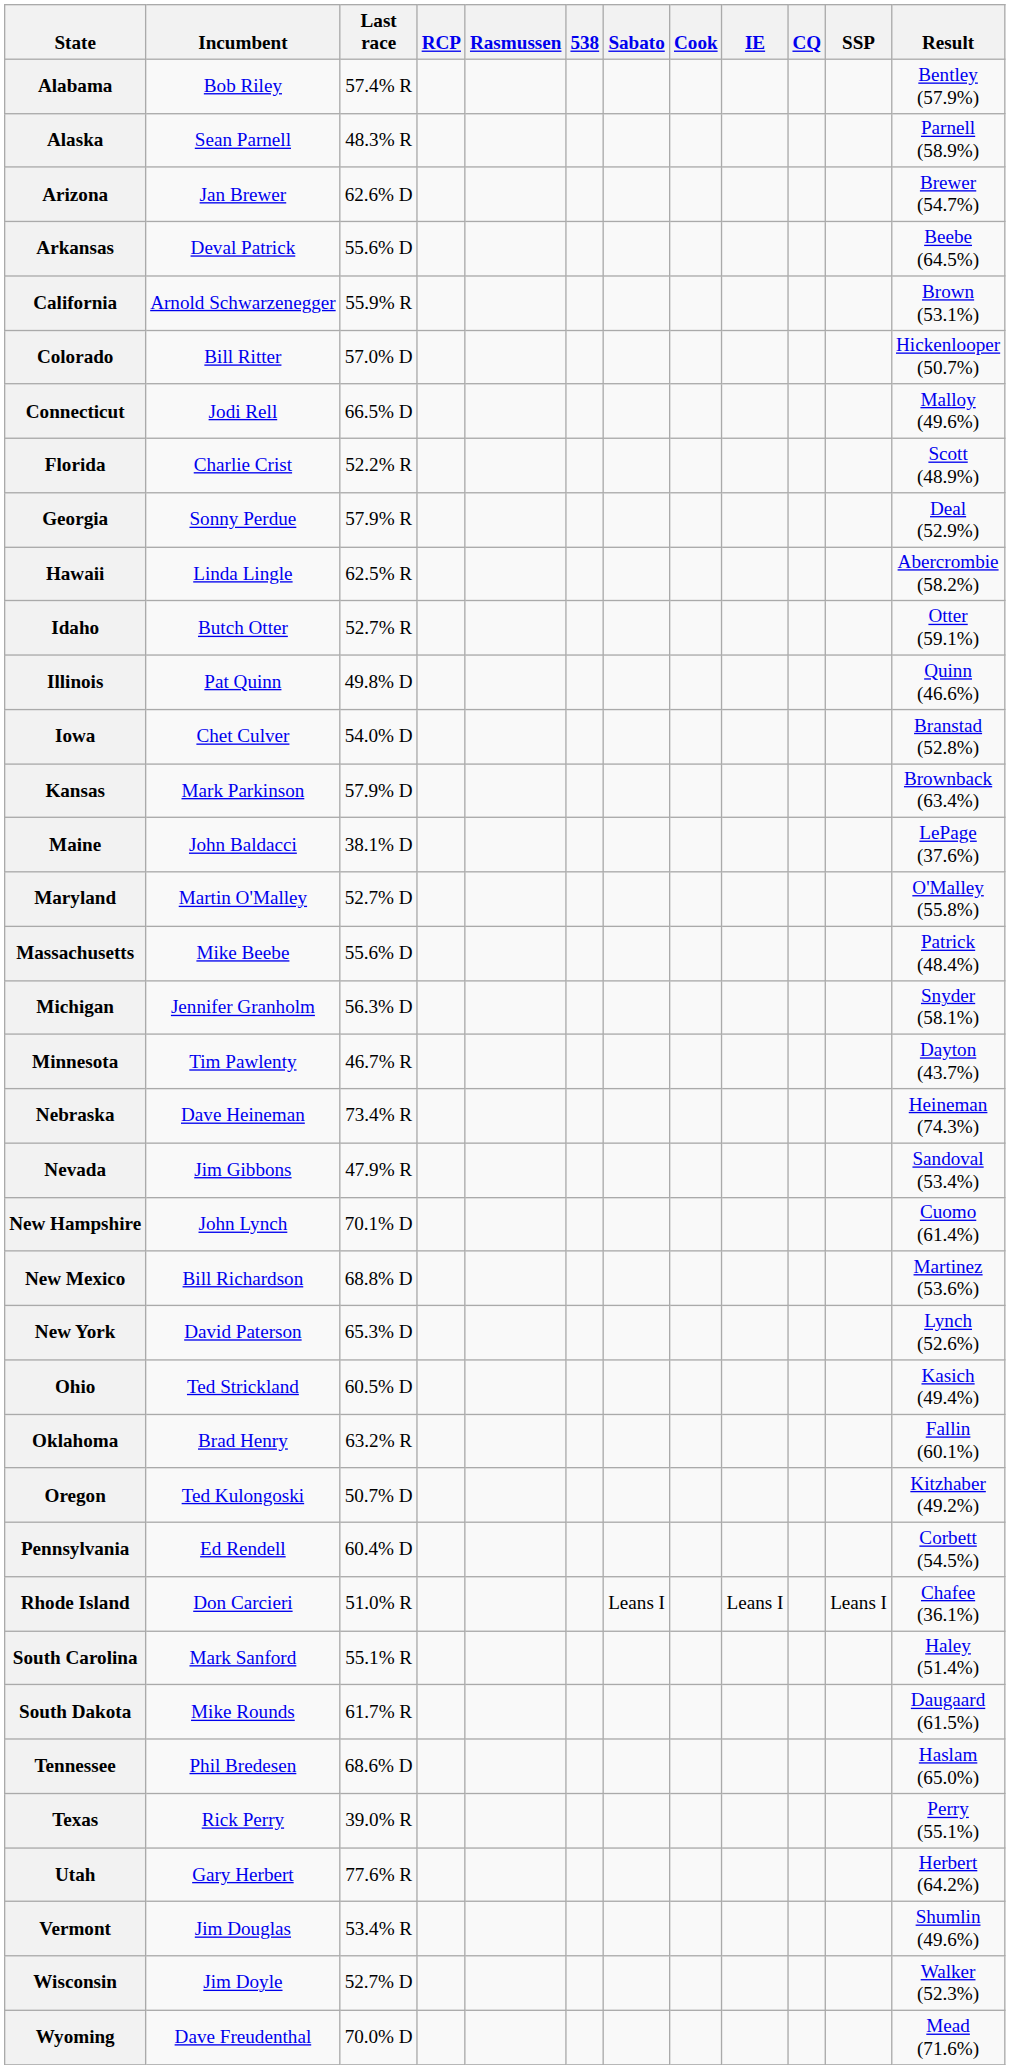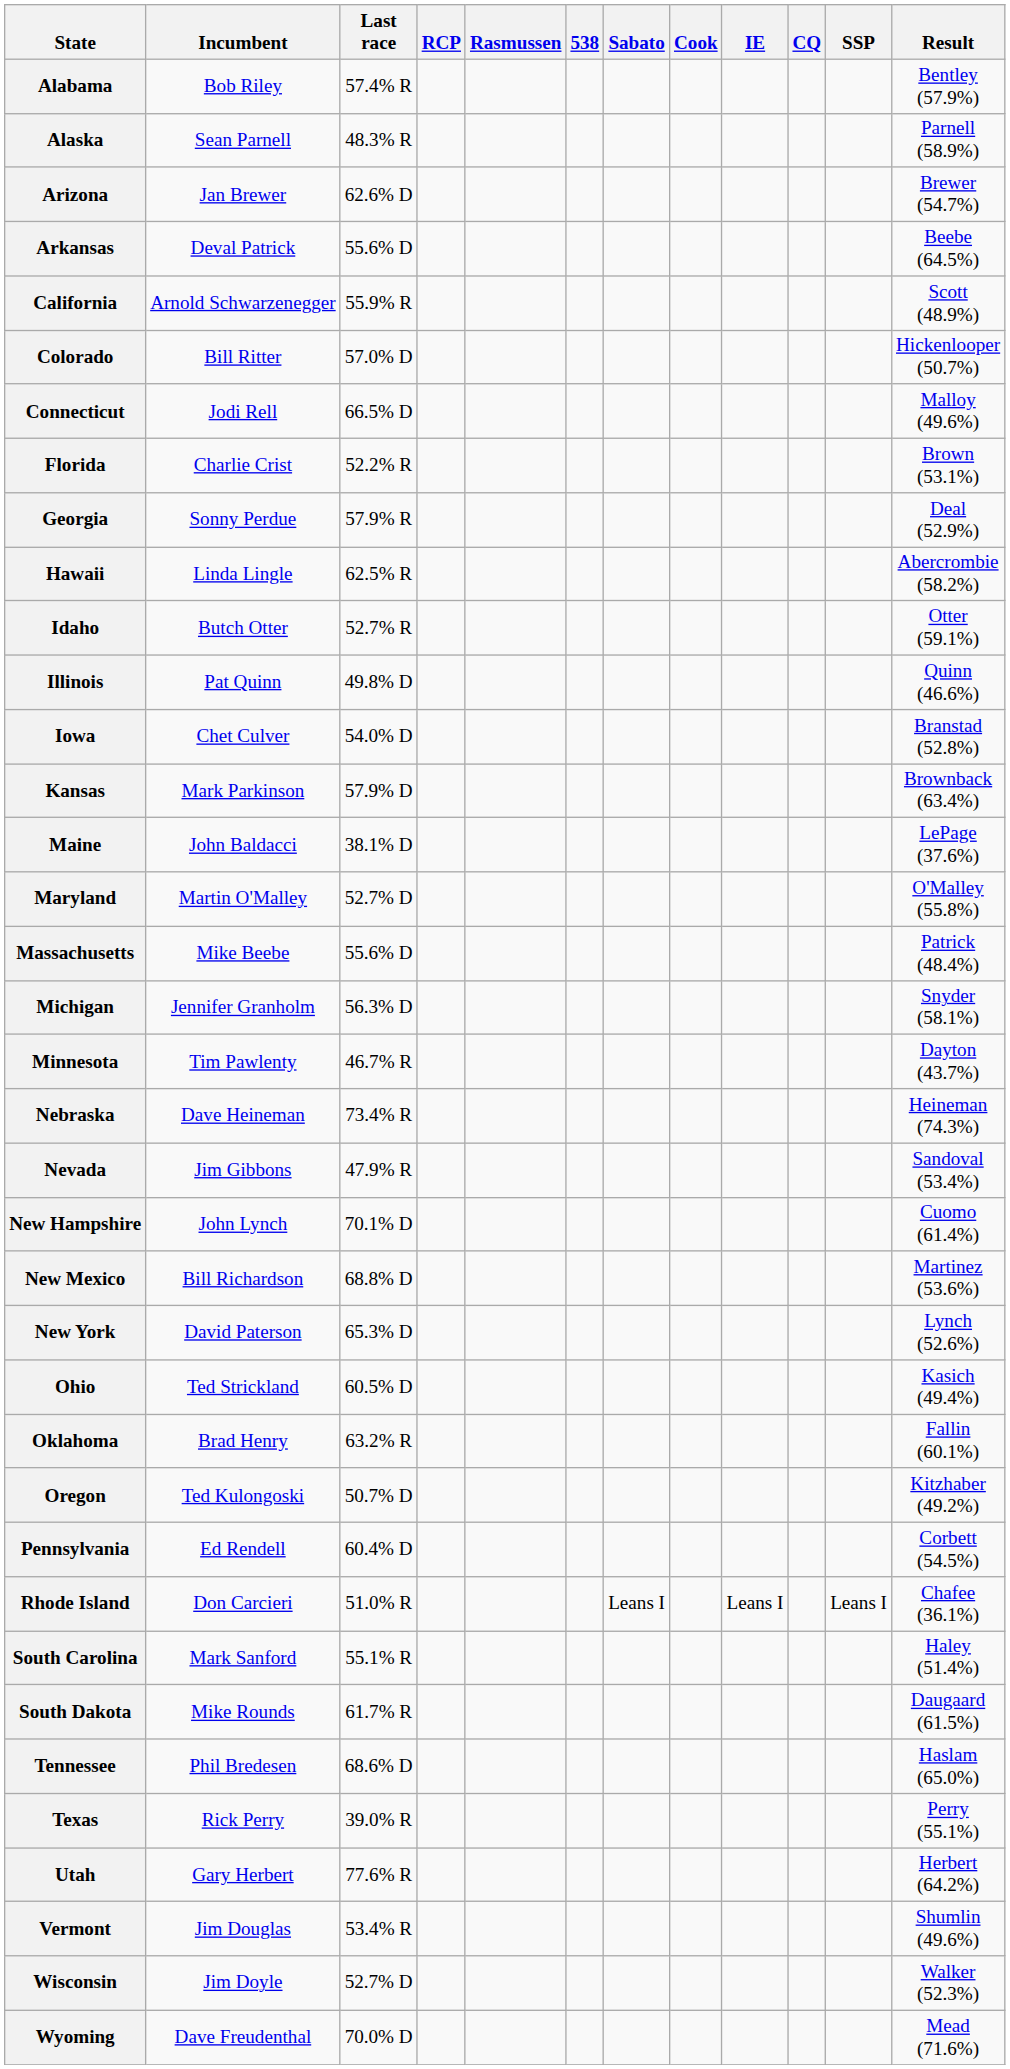 <table class="wikitable sortable" style="font-size:90%; text-align:center">
 <tr valign=bottom>
 <th>State</th>
 <th>Incumbent</th>
 <th>Last<br>race</th>
 <th><a href='#'>RCP</a><br></th>
 <th><a href='#'>Rasmussen</a><br></th>
 <th><a href='#'>538</a><br></th>
 <th><a href='#'>Sabato</a><br></th>
 <th><a href='#'>Cook</a><br></th>
 <th><a href='#'>IE</a><br></th>
 <th><a href='#'>CQ</a><br></th>
 <th>SSP<br></th>
 <th>Result</th>
 </tr>
 <tr>
 <th>Alabama</th>
 <td><a href='#'>Bob Riley</a><br></td>
 <td>57.4% R</td>
 <td></td>
 <td></td>
 <td></td>
 <td></td>
 <td></td>
 <td></td>
 <td></td>
 <td></td>
 <td><a href='#'>Bentley</a><br>(57.9%)</td>
 </tr>
 <tr>
 <th>Alaska</th>
 <td><a href='#'>Sean Parnell</a></td>
 <td>48.3% R</td>
 <td></td>
 <td></td>
 <td></td>
 <td></td>
 <td></td>
 <td></td>
 <td></td>
 <td></td>
 <td><a href='#'>Parnell</a><br>(58.9%)</td>
 </tr>
 <tr>
 <th>Arizona</th>
 <td><a href='#'>Jan Brewer</a></td>
 <td>62.6% D</td>
 <td></td>
 <td></td>
 <td></td>
 <td></td>
 <td></td>
 <td></td>
 <td></td>
 <td></td>
 <td><a href='#'>Brewer</a><br>(54.7%)</td>
 </tr>
 <tr>
 <th>Arkansas</th>
 <td><a href='#'>Deval Patrick</a></td>
 <td>55.6% D</td>
 <td></td>
 <td></td>
 <td></td>
 <td></td>
 <td></td>
 <td></td>
 <td></td>
 <td></td>
 <td><a href='#'>Beebe</a><br>(64.5%)</td>
 </tr>
 <tr>
 <th>California</th>
 <td><a href='#'>Arnold Schwarzenegger</a><br></td>
 <td>55.9% R</td>
 <td></td>
 <td></td>
 <td></td>
 <td></td>
 <td></td>
 <td></td>
 <td></td>
 <td></td>
-<td><a href='#'>Brown</a><br>(53.1%)</td>
+<td><a href='#'>Scott</a><br>(48.9%)</td>
 </tr>
 <tr>
 <th>Colorado</th>
 <td><a href='#'>Bill Ritter</a><br></td>
 <td>57.0% D</td>
 <td></td>
 <td></td>
 <td></td>
 <td></td>
 <td></td>
 <td></td>
 <td></td>
 <td></td>
 <td><a href='#'>Hickenlooper</a><br>(50.7%)</td>
 </tr>
 <tr>
 <th>Connecticut</th>
 <td><a href='#'>Jodi Rell</a><br></td>
 <td>66.5% D</td>
 <td></td>
 <td></td>
 <td></td>
 <td></td>
 <td></td>
 <td></td>
 <td></td>
 <td></td>
 <td><a href='#'>Malloy</a><br>(49.6%)</td>
 </tr>
 <tr>
 <th>Florida</th>
 <td><a href='#'>Charlie Crist</a><br></td>
 <td>52.2% R</td>
 <td></td>
 <td></td>
 <td></td>
 <td></td>
 <td></td>
 <td></td>
 <td></td>
 <td></td>
-<td><a href='#'>Scott</a><br>(48.9%)</td>
+<td><a href='#'>Brown</a><br>(53.1%)</td>
 </tr>
 <tr>
 <th>Georgia</th>
 <td><a href='#'>Sonny Perdue</a><br></td>
 <td>57.9% R</td>
 <td></td>
 <td></td>
 <td></td>
 <td></td>
 <td></td>
 <td></td>
 <td></td>
 <td></td>
 <td><a href='#'>Deal</a><br>(52.9%)</td>
 </tr>
 <tr>
 <th>Hawaii</th>
 <td><a href='#'>Linda Lingle</a><br></td>
 <td>62.5% R</td>
 <td></td>
 <td></td>
 <td></td>
 <td></td>
 <td></td>
 <td></td>
 <td></td>
 <td></td>
 <td><a href='#'>Abercrombie</a><br>(58.2%)</td>
 </tr>
 <tr>
 <th>Idaho</th>
 <td><a href='#'>Butch Otter</a></td>
 <td>52.7% R</td>
 <td></td>
 <td></td>
 <td></td>
 <td></td>
 <td></td>
 <td></td>
 <td></td>
 <td></td>
 <td><a href='#'>Otter</a><br>(59.1%)</td>
 </tr>
 <tr>
 <th>Illinois</th>
 <td><a href='#'>Pat Quinn</a></td>
 <td>49.8% D</td>
 <td></td>
 <td></td>
 <td></td>
 <td></td>
 <td></td>
 <td></td>
 <td></td>
 <td></td>
 <td><a href='#'>Quinn</a><br>(46.6%)</td>
 </tr>
 <tr>
 <th>Iowa</th>
 <td><a href='#'>Chet Culver</a></td>
 <td>54.0% D</td>
 <td></td>
 <td></td>
 <td></td>
 <td></td>
 <td></td>
 <td></td>
 <td></td>
 <td></td>
 <td><a href='#'>Branstad</a><br>(52.8%)</td>
 </tr>
 <tr>
 <th>Kansas</th>
 <td><a href='#'>Mark Parkinson</a><br></td>
 <td>57.9% D</td>
 <td></td>
 <td></td>
 <td></td>
 <td></td>
 <td></td>
 <td></td>
 <td></td>
 <td></td>
 <td><a href='#'>Brownback</a><br>(63.4%)</td>
 </tr>
 <tr>
 <th>Maine</th>
 <td><a href='#'>John Baldacci</a><br></td>
 <td>38.1% D</td>
 <td></td>
 <td></td>
 <td></td>
 <td></td>
 <td></td>
 <td></td>
 <td></td>
 <td></td>
 <td><a href='#'>LePage</a><br>(37.6%)</td>
 </tr>
 <tr>
 <th>Maryland</th>
 <td><a href='#'>Martin O'Malley</a></td>
 <td>52.7% D</td>
 <td></td>
 <td></td>
 <td></td>
 <td></td>
 <td></td>
 <td></td>
 <td></td>
 <td></td>
 <td><a href='#'>O'Malley</a><br>(55.8%)</td>
 </tr>
 <tr>
 <th>Massachusetts</th>
 <td><a href='#'>Mike Beebe</a></td>
 <td>55.6% D</td>
 <td></td>
 <td></td>
 <td></td>
 <td></td>
 <td></td>
 <td></td>
 <td></td>
 <td></td>
 <td><a href='#'>Patrick</a><br>(48.4%)</td>
 </tr>
 <tr>
 <th>Michigan</th>
 <td><a href='#'>Jennifer Granholm</a><br></td>
 <td>56.3% D</td>
 <td></td>
 <td></td>
 <td></td>
 <td></td>
 <td></td>
 <td></td>
 <td></td>
 <td></td>
 <td><a href='#'>Snyder</a><br>(58.1%)</td>
 </tr>
 <tr>
 <th>Minnesota</th>
 <td><a href='#'>Tim Pawlenty</a><br></td>
 <td>46.7% R</td>
 <td></td>
 <td></td>
 <td></td>
 <td></td>
 <td></td>
 <td></td>
 <td></td>
 <td></td>
 <td><a href='#'>Dayton</a><br>(43.7%)</td>
 </tr>
 <tr>
 <th>Nebraska</th>
 <td><a href='#'>Dave Heineman</a></td>
 <td>73.4% R</td>
 <td></td>
 <td></td>
 <td></td>
 <td></td>
 <td></td>
 <td></td>
 <td></td>
 <td></td>
 <td><a href='#'>Heineman</a><br>(74.3%)</td>
 </tr>
 <tr>
 <th>Nevada</th>
 <td><a href='#'>Jim Gibbons</a><br></td>
 <td>47.9% R</td>
 <td></td>
 <td></td>
 <td></td>
 <td></td>
 <td></td>
 <td></td>
 <td></td>
 <td></td>
 <td><a href='#'>Sandoval</a><br>(53.4%)</td>
 </tr>
 <tr>
 <th>New Hampshire</th>
 <td><a href='#'>John Lynch</a></td>
 <td>70.1% D</td>
 <td></td>
 <td></td>
 <td></td>
 <td></td>
 <td></td>
 <td></td>
 <td></td>
 <td></td>
 <td><a href='#'>Cuomo</a><br>(61.4%)</td>
 </tr>
 <tr>
 <th>New Mexico</th>
 <td><a href='#'>Bill Richardson</a><br></td>
 <td>68.8% D</td>
 <td></td>
 <td></td>
 <td></td>
 <td></td>
 <td></td>
 <td></td>
 <td></td>
 <td></td>
 <td><a href='#'>Martinez</a><br>(53.6%)</td>
 </tr>
 <tr>
 <th>New York</th>
 <td><a href='#'>David Paterson</a><br></td>
 <td>65.3% D</td>
 <td></td>
 <td></td>
 <td></td>
 <td></td>
 <td></td>
 <td></td>
 <td></td>
 <td></td>
 <td><a href='#'>Lynch</a><br>(52.6%)</td>
 </tr>
 <tr>
 <th>Ohio</th>
 <td><a href='#'>Ted Strickland</a></td>
 <td>60.5% D</td>
 <td></td>
 <td></td>
 <td></td>
 <td></td>
 <td></td>
 <td></td>
 <td></td>
 <td></td>
 <td><a href='#'>Kasich</a><br>(49.4%)</td>
 </tr>
 <tr>
 <th>Oklahoma</th>
 <td><a href='#'>Brad Henry</a><br></td>
 <td>63.2% R</td>
 <td></td>
 <td></td>
 <td></td>
 <td></td>
 <td></td>
 <td></td>
 <td></td>
 <td></td>
 <td><a href='#'>Fallin</a><br>(60.1%)</td>
 </tr>
 <tr>
 <th>Oregon</th>
 <td><a href='#'>Ted Kulongoski</a><br></td>
 <td>50.7% D</td>
 <td></td>
 <td></td>
 <td></td>
 <td></td>
 <td></td>
 <td></td>
 <td></td>
 <td></td>
 <td><a href='#'>Kitzhaber</a><br>(49.2%)</td>
 </tr>
 <tr>
 <th>Pennsylvania</th>
 <td><a href='#'>Ed Rendell</a><br></td>
 <td>60.4% D</td>
 <td></td>
 <td></td>
 <td></td>
 <td></td>
 <td></td>
 <td></td>
 <td></td>
 <td></td>
 <td><a href='#'>Corbett</a><br>(54.5%)</td>
 </tr>
 <tr>
 <th>Rhode Island</th>
 <td><a href='#'>Don Carcieri</a><br></td>
 <td>51.0% R</td>
 <td></td>
 <td></td>
 <td></td>
 <td style="background:">Leans I </td>
 <td></td>
 <td style="background:">Leans I </td>
 <td></td>
 <td style="background:">Leans I </td>
 <td><a href='#'>Chafee</a><br>(36.1%)</td>
 </tr>
 <tr>
 <th>South Carolina</th>
 <td><a href='#'>Mark Sanford</a><br></td>
 <td>55.1% R</td>
 <td></td>
 <td></td>
 <td></td>
 <td></td>
 <td></td>
 <td></td>
 <td></td>
 <td></td>
 <td><a href='#'>Haley</a><br>(51.4%)</td>
 </tr>
 <tr>
 <th>South Dakota</th>
 <td><a href='#'>Mike Rounds</a><br></td>
 <td>61.7% R</td>
 <td></td>
 <td></td>
 <td></td>
 <td></td>
 <td></td>
 <td></td>
 <td></td>
 <td></td>
 <td><a href='#'>Daugaard</a><br>(61.5%)</td>
 </tr>
 <tr>
 <th>Tennessee</th>
 <td><a href='#'>Phil Bredesen</a><br></td>
 <td>68.6% D</td>
 <td></td>
 <td></td>
 <td></td>
 <td></td>
 <td></td>
 <td></td>
 <td></td>
 <td></td>
 <td><a href='#'>Haslam</a><br>(65.0%)</td>
 </tr>
 <tr>
 <th>Texas</th>
 <td><a href='#'>Rick Perry</a></td>
 <td>39.0% R</td>
 <td></td>
 <td></td>
 <td></td>
 <td></td>
 <td></td>
 <td></td>
 <td></td>
 <td></td>
 <td><a href='#'>Perry</a><br>(55.1%)</td>
 </tr>
 <tr>
 <th>Utah<br></th>
 <td><a href='#'>Gary Herbert</a></td>
 <td>77.6% R</td>
 <td></td>
 <td></td>
 <td></td>
 <td></td>
 <td></td>
 <td></td>
 <td></td>
 <td></td>
 <td><a href='#'>Herbert</a><br>(64.2%)</td>
 </tr>
 <tr>
 <th>Vermont</th>
 <td><a href='#'>Jim Douglas</a><br></td>
 <td>53.4% R</td>
 <td></td>
 <td></td>
 <td></td>
 <td></td>
 <td></td>
 <td></td>
 <td></td>
 <td></td>
 <td><a href='#'>Shumlin</a><br>(49.6%)</td>
 </tr>
 <tr>
 <th>Wisconsin</th>
 <td><a href='#'>Jim Doyle</a><br></td>
 <td>52.7% D</td>
 <td></td>
 <td></td>
 <td></td>
 <td></td>
 <td></td>
 <td></td>
 <td></td>
 <td></td>
 <td><a href='#'>Walker</a><br>(52.3%)</td>
 </tr>
 <tr>
 <th>Wyoming</th>
 <td><a href='#'>Dave Freudenthal</a><br></td>
 <td>70.0% D</td>
 <td></td>
 <td></td>
 <td></td>
 <td></td>
 <td></td>
 <td></td>
 <td></td>
 <td></td>
 <td><a href='#'>Mead</a><br>(71.6%)</td>
 </tr>
 </table>
